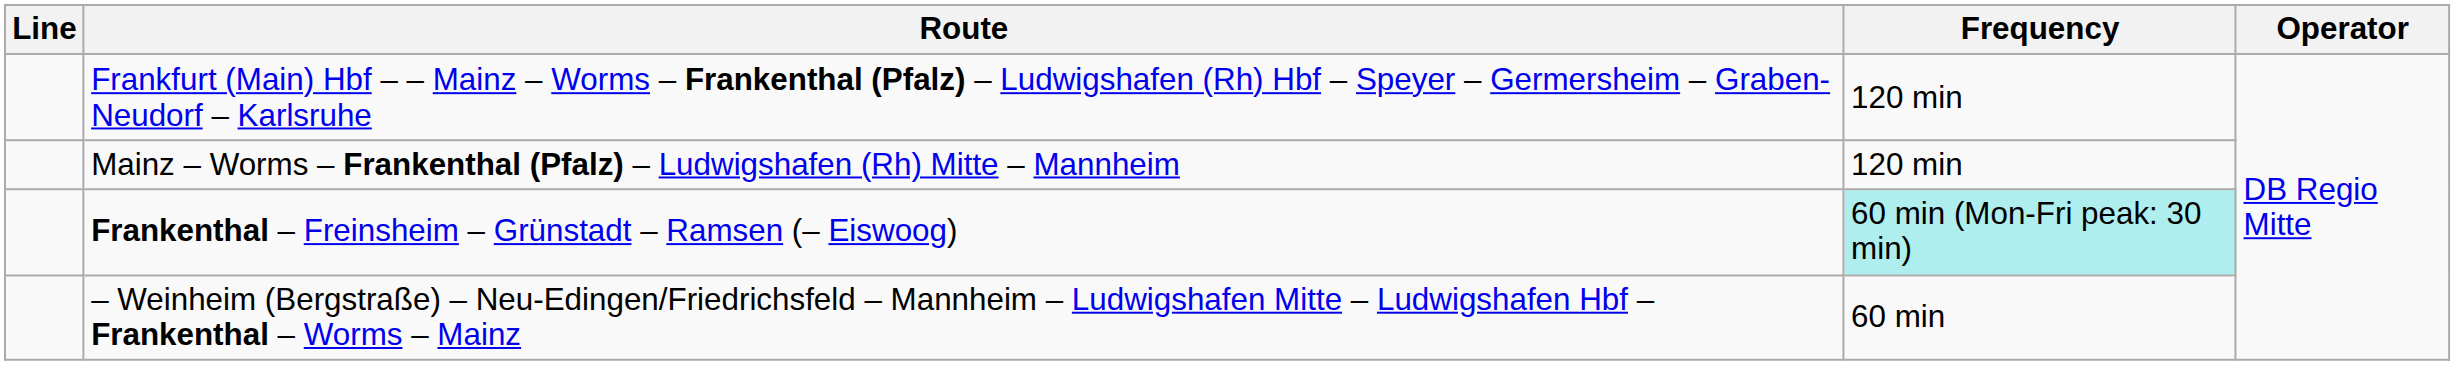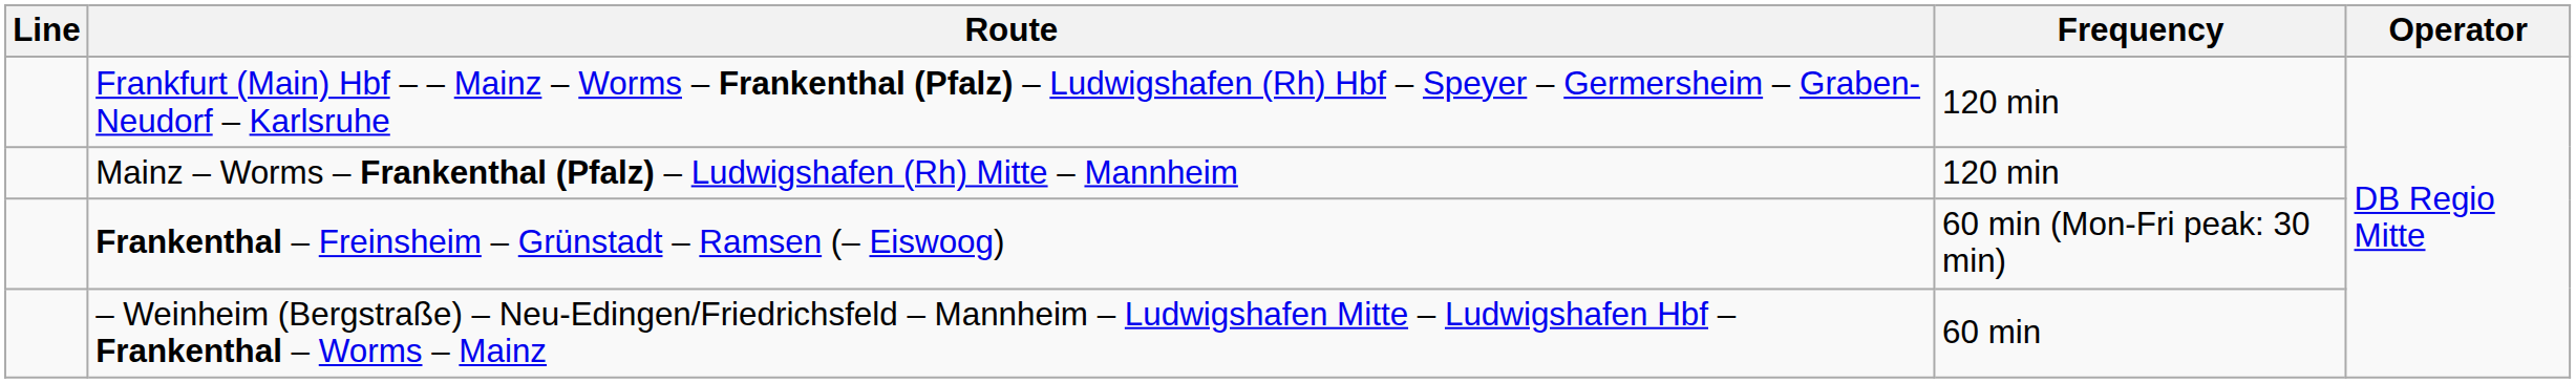 <table class="wikitable">
 <tr>
 <th>Line</th>
 <th>Route</th>
 <th>Frequency</th>
 <th>Operator</th>
 </tr>
 <tr>
 <td></td>
 <td><a href='#'>Frankfurt (Main) Hbf</a> –  – <a href='#'>Mainz</a> – <a href='#'>Worms</a> – <strong>Frankenthal (Pfalz)</strong> – <a href='#'>Ludwigshafen (Rh) Hbf</a> – <a href='#'>Speyer</a> – <a href='#'>Germersheim</a> – <a href='#'>Graben-Neudorf</a> – <a href='#'>Karlsruhe</a></td>
 <td>120 min</td>
 <td rowspan=4><a href='#'>DB Regio Mitte</a></td>
 </tr>
 <tr>
 <td></td>
 <td>Mainz – Worms – <strong>Frankenthal (Pfalz)</strong> – <a href='#'>Ludwigshafen (Rh) Mitte</a> – <a href='#'>Mannheim</a></td>
 <td>120 min</td>
 </tr>
 <tr>
 <td></td>
 <td><strong>Frankenthal</strong> – <a href='#'>Freinsheim</a> – <a href='#'>Grünstadt</a> – <a href='#'>Ramsen</a> (– <a href='#'>Eiswoog</a>)</td>
-<td style="background: paleturquoise;">60 min (Mon-Fri peak: 30 min)</td>
+<td>60 min (Mon-Fri peak: 30 min)</td>
 </tr>
 <tr>
 <td></td>
 <td> – Weinheim (Bergstraße) – Neu-Edingen/Friedrichsfeld – Mannheim – <a href='#'>Ludwigshafen Mitte</a> – <a href='#'>Ludwigshafen Hbf</a> – <strong>Frankenthal</strong> – <a href='#'>Worms</a> – <a href='#'>Mainz</a></td>
 <td>60 min</td>
 </tr>
 </table>
